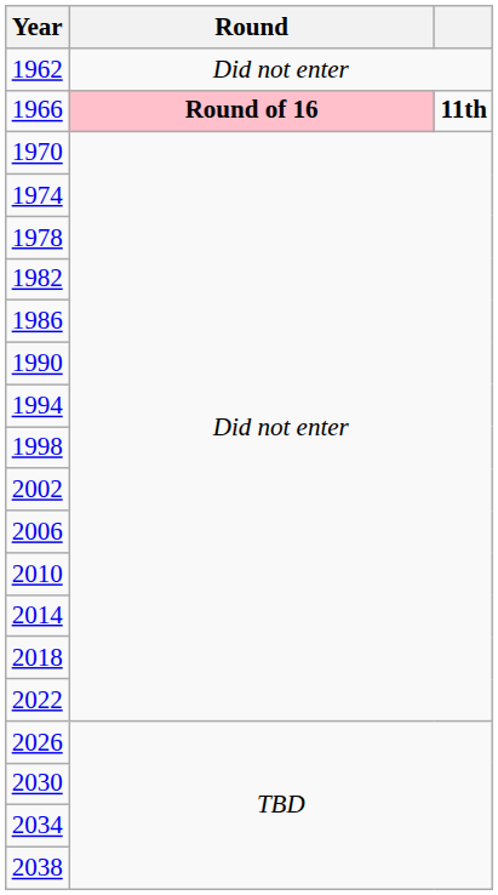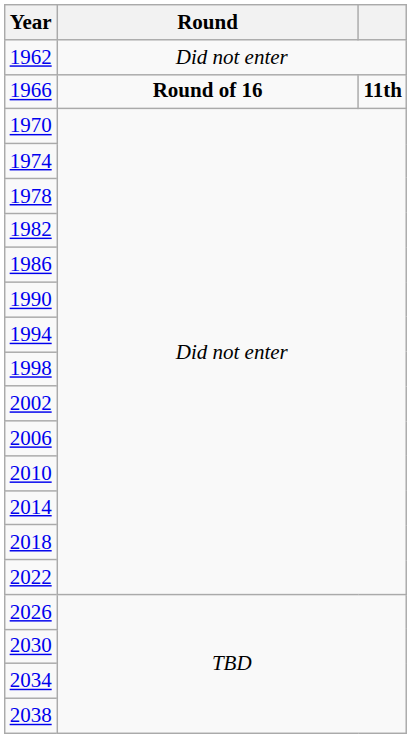 <table class="wikitable" style="text-align: center; font-size:90%">
 <tr>
 <th>Year</th>
 <th style="width:200px">Round</th>
 <th></th>
 </tr>
 <tr>
 <td><a href='#'>1962</a></td>
 <td colspan="2"><em>Did not enter</em></td>
 </tr>
 <tr>
 <td><a href='#'>1966</a></td>
-<td style="background: pink;"><strong>Round of 16</strong></td>
+<td><strong>Round of 16</strong></td>
 <td><strong>11th</strong></td>
 </tr>
 <tr>
 <td><a href='#'>1970</a></td>
 <td colspan="2" rowspan="14"><em>Did not enter</em></td>
 </tr>
 <tr>
 <td><a href='#'>1974</a></td>
 </tr>
 <tr>
 <td><a href='#'>1978</a></td>
 </tr>
 <tr>
 <td><a href='#'>1982</a></td>
 </tr>
 <tr>
 <td><a href='#'>1986</a></td>
 </tr>
 <tr>
 <td><a href='#'>1990</a></td>
 </tr>
 <tr>
 <td><a href='#'>1994</a></td>
 </tr>
 <tr>
 <td><a href='#'>1998</a></td>
 </tr>
 <tr>
 <td><a href='#'>2002</a></td>
 </tr>
 <tr>
 <td><a href='#'>2006</a></td>
 </tr>
 <tr>
 <td><a href='#'>2010</a></td>
 </tr>
 <tr>
 <td><a href='#'>2014</a></td>
 </tr>
 <tr>
 <td><a href='#'>2018</a></td>
 </tr>
 <tr>
 <td><a href='#'>2022</a></td>
 </tr>
 <tr>
 <td><a href='#'>2026</a></td>
 <td colspan="2" rowspan="4"><em>TBD</em></td>
 </tr>
 <tr>
 <td><a href='#'>2030</a></td>
 </tr>
 <tr>
 <td><a href='#'>2034</a></td>
 </tr>
 <tr>
 <td><a href='#'>2038</a></td>
 </tr>
 </table>
